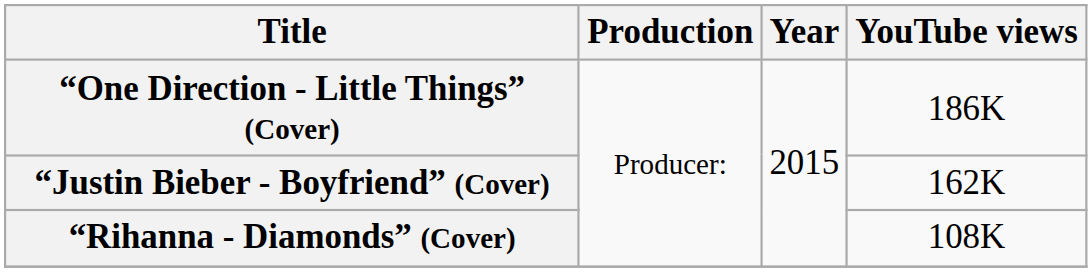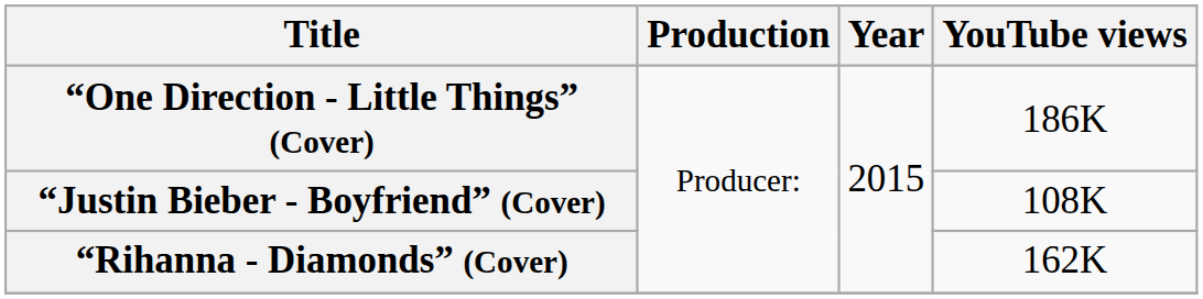 <table class="wikitable plainrowheaders" style="text-align:center;">
 <tr>
 <th scope="col" style="width:16em;">Title</th>
 <th scope="col”1”">Production</th>
 <th scope="col”1”">Year</th>
 <th scope="col”1”">YouTube views</th>
 </tr>
 <tr>
 <th>“One Direction - Little Things” <small>(Cover)</small></th>
 <td rowspan="3"><small>Producer:</small></td>
 <td rowspan="3">2015</td>
 <td>186K</td>
 </tr>
 <tr>
 <th>“Justin Bieber - Boyfriend” <small>(Cover) </small></th>
-<td>162K</td>
+<td>108K</td>
 </tr>
 <tr>
 <th>“Rihanna - Diamonds” <small>(Cover) </small></th>
-<td>108K</td>
+<td>162K</td>
 </tr>
 <tr>
 </tr>
 </table>
